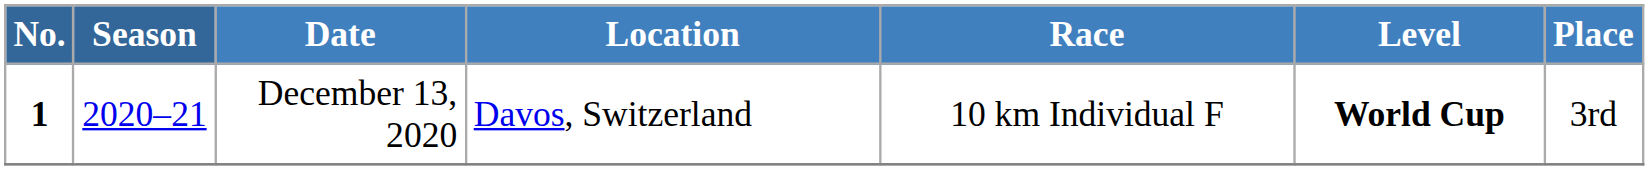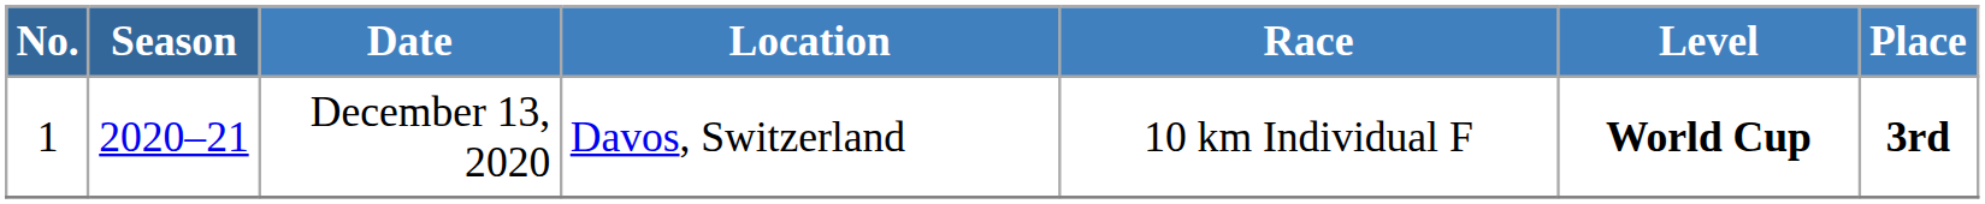 <table class="wikitable sortable" style="font-size:95%; text-align:center; border:grey solid 1px; border-collapse:collapse; background:#ffffff;">
 <tr style="background:#efefef;">
 <th style="background-color:#369; color:white;">No.</th>
 <th style="background-color:#369; color:white;">Season</th>
 <th style="background-color:#4180be; color:white; width:100px;">Date</th>
 <th style="background-color:#4180be; color:white; width:170px;">Location</th>
 <th style="background-color:#4180be; color:white; width:170px;">Race</th>
 <th style="background-color:#4180be; color:white; width:100px;">Level</th>
 <th style="background-color:#4180be; color:white;">Place</th>
 </tr>
 <tr>
-<td align=center><strong>1</strong></td>
+<td align=center>1</td>
 <td rowspan="1" align="center"><a href='#'>2020–21</a></td>
 <td align=right>December 13, 2020</td>
 <td align=left> <a href='#'>Davos</a>, Switzerland</td>
 <td>10 km Individual F</td>
 <td><strong>World Cup</strong></td>
-<td>3rd</td>
+<td><strong>3rd</strong></td>
 </tr>
 <tr>
 </tr>
 </table>
